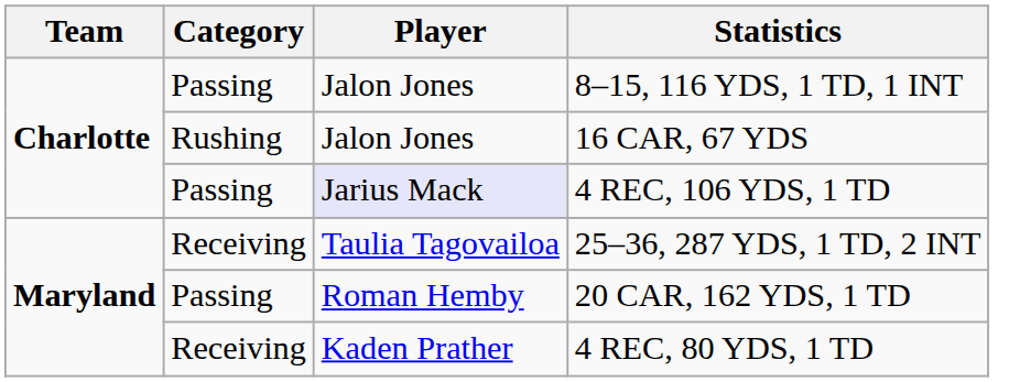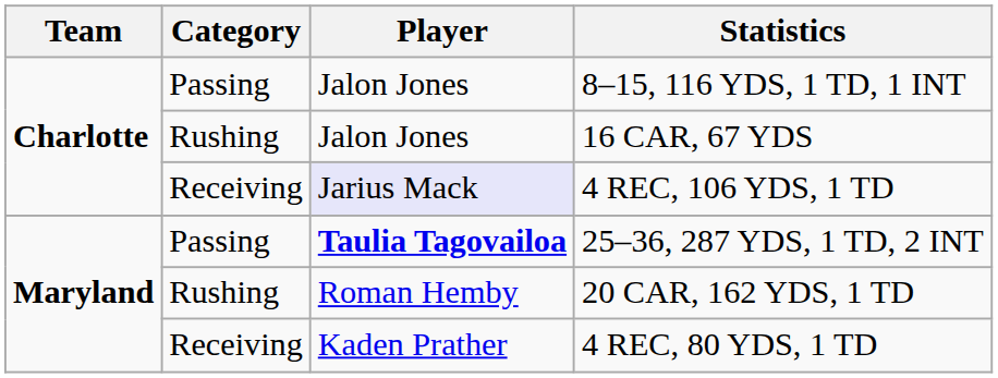 <table class="wikitable" style="float: left;">
 <tr>
 <th>Team</th>
 <th>Category</th>
 <th>Player</th>
 <th>Statistics</th>
 </tr>
 <tr>
 <td rowspan=3><strong>Charlotte</strong></td>
 <td>Passing</td>
 <td>Jalon Jones</td>
 <td>8–15, 116 YDS, 1 TD, 1 INT</td>
 </tr>
 <tr>
 <td>Rushing</td>
 <td>Jalon Jones</td>
 <td>16 CAR, 67 YDS</td>
 </tr>
 <tr>
-<td>Passing</td>
+<td>Receiving</td>
 <td style="background: lavender;">Jarius Mack</td>
 <td>4 REC, 106 YDS, 1 TD</td>
 </tr>
 <tr>
 <td rowspan=3><strong>Maryland</strong></td>
-<td>Receiving</td>
-<td><a href='#'>Taulia Tagovailoa</a></td>
+<td>Passing</td>
+<td><strong><a href='#'>Taulia Tagovailoa</a></strong></td>
 <td>25–36, 287 YDS, 1 TD, 2 INT</td>
 </tr>
 <tr>
-<td>Passing</td>
+<td>Rushing</td>
 <td><a href='#'>Roman Hemby</a></td>
 <td>20 CAR, 162 YDS, 1 TD</td>
 </tr>
 <tr>
 <td>Receiving</td>
 <td><a href='#'>Kaden Prather</a></td>
 <td>4 REC, 80 YDS, 1 TD</td>
 </tr>
 </table>
